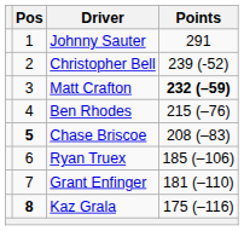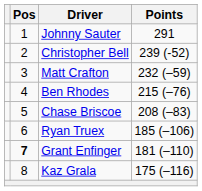 <table class="wikitable" style="font-size: 95%;">
 <tr>
 <th></th>
 <th>Pos</th>
 <th>Driver</th>
 <th>Points</th>
 </tr>
 <tr>
 <td align="left"></td>
 <td style="text-align:center;">1</td>
 <td><a href='#'>Johnny Sauter</a></td>
 <td style="text-align:center;">291</td>
 </tr>
 <tr>
 <td align="left"></td>
 <td style="text-align:center;">2</td>
 <td><a href='#'>Christopher Bell</a></td>
 <td style="text-align:center;">239 (-52)</td>
 </tr>
 <tr>
 <td align="left"></td>
 <td style="text-align:center;">3</td>
 <td><a href='#'>Matt Crafton</a></td>
-<td style="text-align:center;"><strong>232 (–59)</strong></td>
+<td style="text-align:center;">232 (–59)</td>
 </tr>
 <tr>
 <td align="left"></td>
 <td style="text-align:center;">4</td>
 <td><a href='#'>Ben Rhodes</a></td>
 <td style="text-align:center;">215 (–76)</td>
 </tr>
 <tr>
 <td align="left"></td>
-<td style="text-align:center;"><strong>5</strong></td>
+<td style="text-align:center;">5</td>
 <td><a href='#'>Chase Briscoe</a></td>
 <td style="text-align:center;">208 (–83)</td>
 </tr>
 <tr>
 <td align="left"></td>
 <td style="text-align:center;">6</td>
 <td><a href='#'>Ryan Truex</a></td>
 <td style="text-align:center;">185 (–106)</td>
 </tr>
 <tr>
 <td align="left"></td>
-<td style="text-align:center;">7</td>
+<td style="text-align:center;"><strong>7</strong></td>
 <td><a href='#'>Grant Enfinger</a></td>
 <td style="text-align:center;">181 (–110)</td>
 </tr>
 <tr>
 <td align="left"></td>
-<td style="text-align:center;"><strong>8</strong></td>
+<td style="text-align:center;">8</td>
 <td><a href='#'>Kaz Grala</a></td>
 <td style="text-align:center;">175 (–116)</td>
 </tr>
 <tr class="sortbottom">
 <th colspan="9"></th>
 </tr>
 </table>
